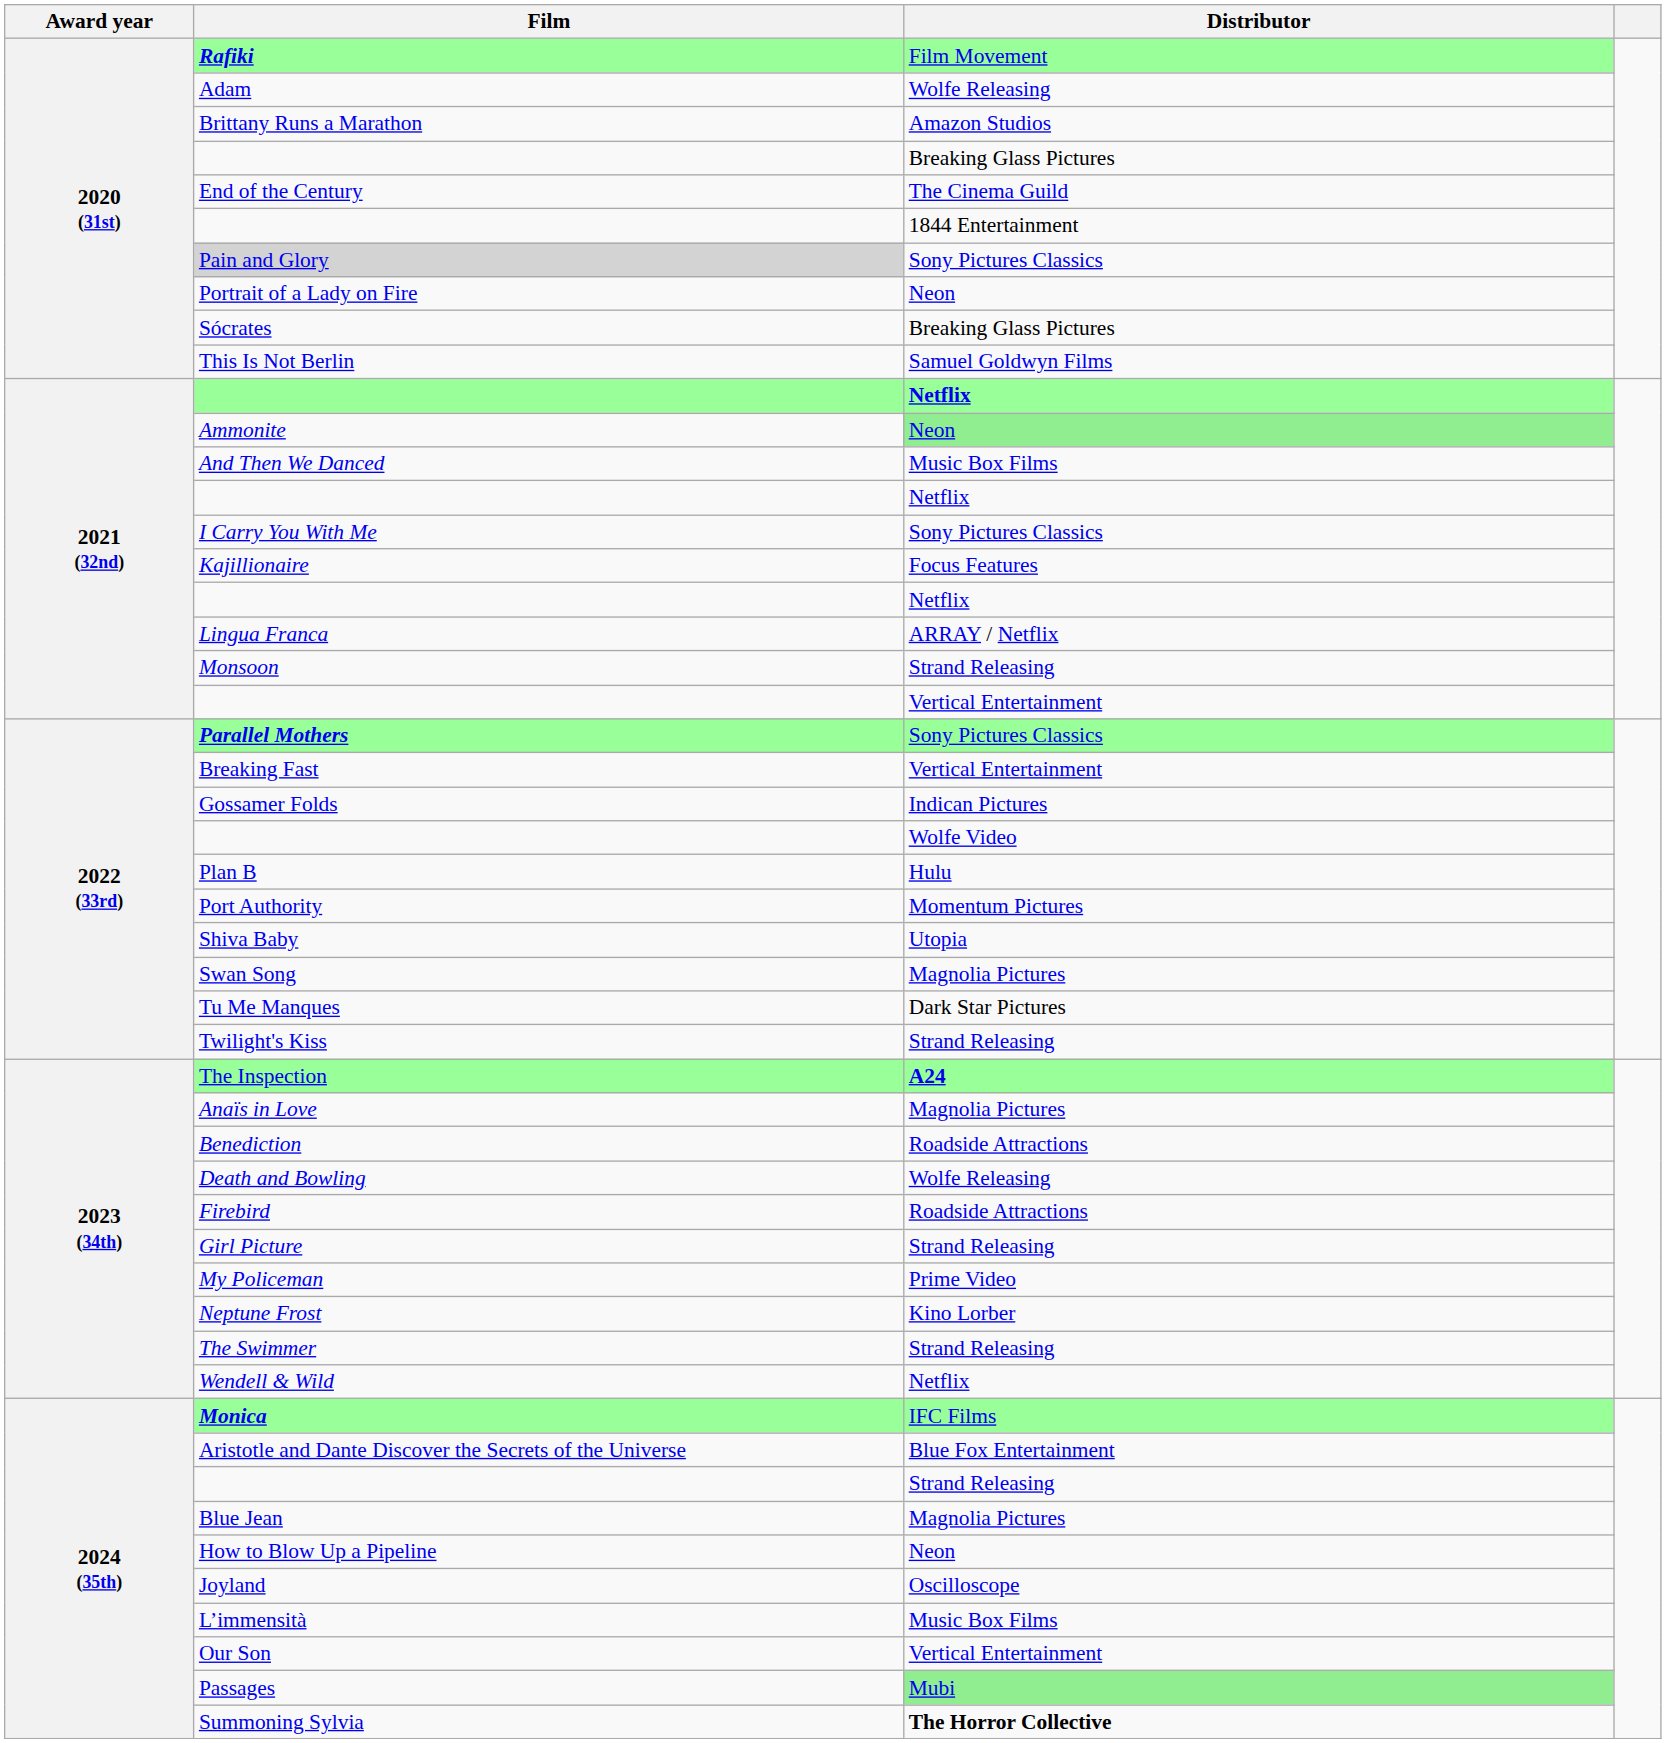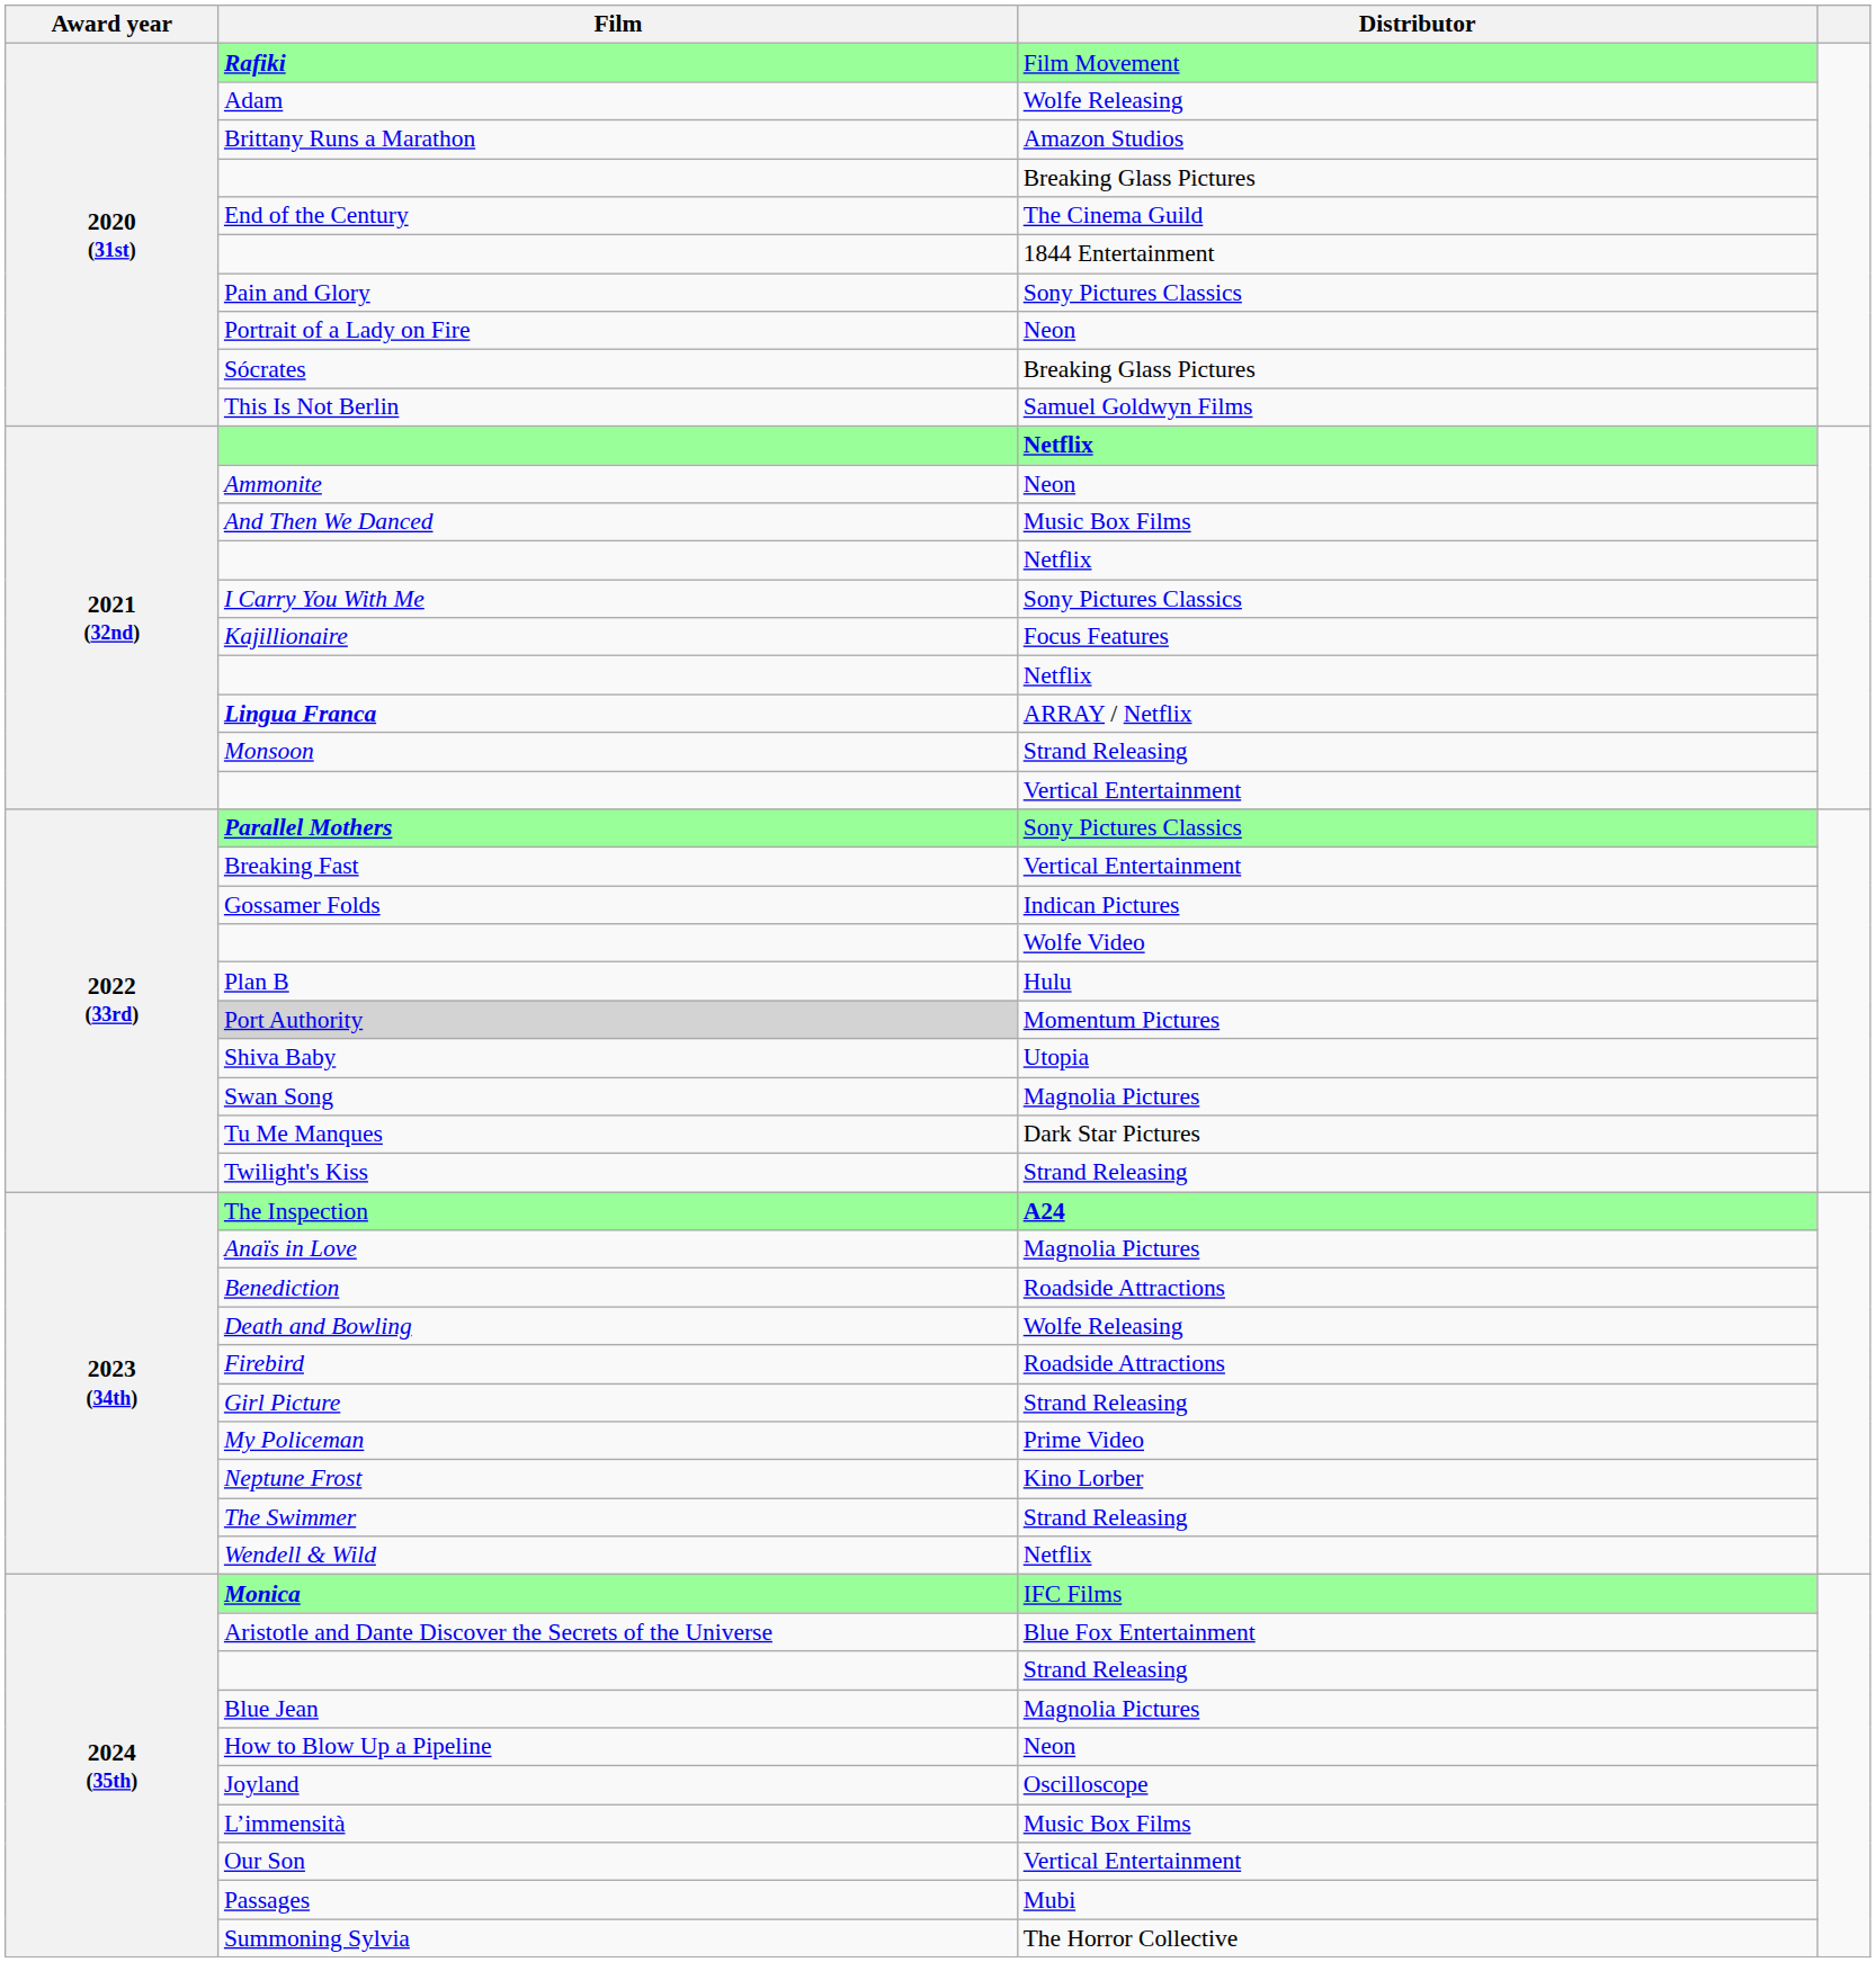 <table class="wikitable sortable">
 <tr>
 <th scope="col" style="width:8%">Award year</th>
 <th scope="col" style="width:30%">Film</th>
 <th scope="col" style="width:30%">Distributor</th>
 <th scope="col" style="width:2%" class="unsortable"></th>
 </tr>
 <tr>
 <th rowspan="10" scope="rowgroup" style="text-align:center">2020<br><small>(<a href='#'>31st</a>)</small></th>
 <td style="background:#99ff99;"><strong><em><a href='#'>Rafiki</a><em> <strong></td>
 <td style="background:#99ff99;"></strong><a href='#'>Film Movement</a><strong></td>
 <td rowspan="10" align="center"><br></td>
 </tr>
 <tr>
 <td></em><a href='#'>Adam</a><em></td>
 <td><a href='#'>Wolfe Releasing</a></td>
 </tr>
 <tr>
 <td></em><a href='#'>Brittany Runs a Marathon</a><em></td>
 <td><a href='#'>Amazon Studios</a></td>
 </tr>
 <tr>
 <td></em><em></td>
 <td>Breaking Glass Pictures</td>
 </tr>
 <tr>
 <td></em><a href='#'>End of the Century</a><em></td>
 <td><a href='#'>The Cinema Guild</a></td>
 </tr>
 <tr>
 <td></em><em></td>
 <td>1844 Entertainment</td>
 </tr>
 <tr>
-<td style="background: lightgrey;"></em><a href='#'>Pain and Glory</a><em></td>
+<td></em><a href='#'>Pain and Glory</a><em></td>
 <td><a href='#'>Sony Pictures Classics</a></td>
 </tr>
 <tr>
 <td></em><a href='#'>Portrait of a Lady on Fire</a><em></td>
 <td><a href='#'>Neon</a></td>
 </tr>
 <tr>
 <td></em><a href='#'>Sócrates</a><em></td>
 <td>Breaking Glass Pictures</td>
 </tr>
 <tr>
 <td></em><a href='#'>This Is Not Berlin</a><em></td>
 <td><a href='#'>Samuel Goldwyn Films</a></td>
 </tr>
 <tr>
 <th rowspan="10" scope="rowgroup" style="text-align:center">2021<br><small>(<a href='#'>32nd</a>)</small></th>
 <td style="background:#99ff99;"></em></strong></em> </strong></td>
 <td style="background:#99ff99;"><strong><a href='#'>Netflix</a></strong></td>
 <td rowspan="10" align="center"><br></td>
 </tr>
 <tr>
 <td><em><a href='#'>Ammonite</a></em></td>
-<td style="background: lightgreen;"><a href='#'>Neon</a></td>
+<td><a href='#'>Neon</a></td>
 </tr>
 <tr>
 <td><em><a href='#'>And Then We Danced</a></em></td>
 <td><a href='#'>Music Box Films</a></td>
 </tr>
 <tr>
 <td><em></em></td>
 <td><a href='#'>Netflix</a></td>
 </tr>
 <tr>
 <td><em><a href='#'>I Carry You With Me</a></em></td>
 <td><a href='#'>Sony Pictures Classics</a></td>
 </tr>
 <tr>
 <td><em><a href='#'>Kajillionaire</a></em></td>
 <td><a href='#'>Focus Features</a></td>
 </tr>
 <tr>
 <td><em></em></td>
 <td><a href='#'>Netflix</a></td>
 </tr>
 <tr>
-<td><em><a href='#'>Lingua Franca</a></em></td>
+<td><strong><em><a href='#'>Lingua Franca</a></em></strong></td>
 <td><a href='#'>ARRAY</a> / <a href='#'>Netflix</a></td>
 </tr>
 <tr>
 <td><em><a href='#'>Monsoon</a></em></td>
 <td><a href='#'>Strand Releasing</a></td>
 </tr>
 <tr>
 <td><em></em></td>
 <td><a href='#'>Vertical Entertainment</a></td>
 </tr>
 <tr>
 <th rowspan="10" scope="rowgroup" style="text-align:center">2022<br><small>(<a href='#'>33rd</a>)</small></th>
 <td style="background:#99ff99;"><strong><em><a href='#'>Parallel Mothers</a><em> <strong></td>
 <td style="background:#99ff99;"></strong><a href='#'>Sony Pictures Classics</a><strong></td>
 <td rowspan="10" align="center"><br></td>
 </tr>
 <tr>
 <td></em><a href='#'>Breaking Fast</a><em></td>
 <td><a href='#'>Vertical Entertainment</a></td>
 </tr>
 <tr>
 <td></em><a href='#'>Gossamer Folds</a><em></td>
 <td><a href='#'>Indican Pictures</a></td>
 </tr>
 <tr>
 <td></em><em></td>
 <td><a href='#'>Wolfe Video</a></td>
 </tr>
 <tr>
 <td></em><a href='#'>Plan B</a><em></td>
 <td><a href='#'>Hulu</a></td>
 </tr>
 <tr>
-<td></em><a href='#'>Port Authority</a><em></td>
+<td style="background: lightgrey;"></em><a href='#'>Port Authority</a><em></td>
 <td><a href='#'>Momentum Pictures</a></td>
 </tr>
 <tr>
 <td></em><a href='#'>Shiva Baby</a><em></td>
 <td><a href='#'>Utopia</a></td>
 </tr>
 <tr>
 <td></em><a href='#'>Swan Song</a><em></td>
 <td><a href='#'>Magnolia Pictures</a></td>
 </tr>
 <tr>
 <td></em><a href='#'>Tu Me Manques</a><em></td>
 <td>Dark Star Pictures</td>
 </tr>
 <tr>
 <td></em><a href='#'>Twilight's Kiss</a><em></td>
 <td><a href='#'>Strand Releasing</a></td>
 </tr>
 <tr>
 <th rowspan="10" scope="rowgroup" style="text-align:center">2023<br><small>(<a href='#'>34th</a>)</small></th>
 <td style="background:#99ff99;"></em></strong><a href='#'>The Inspection</a></em> </strong></td>
 <td style="background:#99ff99;"><strong><a href='#'>A24</a></strong></td>
 <td rowspan="10" align="center"><br></td>
 </tr>
 <tr>
 <td><em><a href='#'>Anaïs in Love</a></em></td>
 <td><a href='#'>Magnolia Pictures</a></td>
 </tr>
 <tr>
 <td><em><a href='#'>Benediction</a></em></td>
 <td><a href='#'>Roadside Attractions</a></td>
 </tr>
 <tr>
 <td><em><a href='#'>Death and Bowling</a></em></td>
 <td><a href='#'>Wolfe Releasing</a></td>
 </tr>
 <tr>
 <td><em><a href='#'>Firebird</a></em></td>
 <td><a href='#'>Roadside Attractions</a></td>
 </tr>
 <tr>
 <td><em><a href='#'>Girl Picture</a></em></td>
 <td><a href='#'>Strand Releasing</a></td>
 </tr>
 <tr>
 <td><em><a href='#'>My Policeman</a></em></td>
 <td><a href='#'>Prime Video</a></td>
 </tr>
 <tr>
 <td><em><a href='#'>Neptune Frost</a></em></td>
 <td><a href='#'>Kino Lorber</a></td>
 </tr>
 <tr>
 <td><em><a href='#'>The Swimmer</a></em></td>
 <td><a href='#'>Strand Releasing</a></td>
 </tr>
 <tr>
 <td><em><a href='#'>Wendell & Wild</a></em></td>
 <td><a href='#'>Netflix</a></td>
 </tr>
 <tr>
 <th rowspan="10" scope="rowgroup" style="text-align:center">2024<br><small>(<a href='#'>35th</a>)</small></th>
 <td style="background:#99ff99;"><strong><em><a href='#'>Monica</a><em> <strong></td>
 <td style="background:#99ff99;"></strong><a href='#'>IFC Films</a><strong></td>
 <td rowspan=10 align="center"><br></td>
 </tr>
 <tr>
 <td></em><a href='#'>Aristotle and Dante Discover the Secrets of the Universe</a><em></td>
 <td><a href='#'>Blue Fox Entertainment</a></td>
 </tr>
 <tr>
 <td></td>
 <td><a href='#'>Strand Releasing</a></td>
 </tr>
 <tr>
 <td></em><a href='#'>Blue Jean</a><em></td>
 <td><a href='#'>Magnolia Pictures</a></td>
 </tr>
 <tr>
 <td></em><a href='#'>How to Blow Up a Pipeline</a><em></td>
 <td><a href='#'>Neon</a></td>
 </tr>
 <tr>
 <td></em><a href='#'>Joyland</a><em></td>
 <td><a href='#'>Oscilloscope</a></td>
 </tr>
 <tr>
 <td></em><a href='#'>L’immensità</a><em></td>
 <td><a href='#'>Music Box Films</a></td>
 </tr>
 <tr>
 <td></em><a href='#'>Our Son</a><em></td>
 <td><a href='#'>Vertical Entertainment</a></td>
 </tr>
 <tr>
 <td></em><a href='#'>Passages</a><em></td>
-<td style="background: lightgreen;"><a href='#'>Mubi</a></td>
+<td><a href='#'>Mubi</a></td>
 </tr>
 <tr>
 <td></em><a href='#'>Summoning Sylvia</a><em></td>
-<td><strong>The Horror Collective</strong></td>
+<td>The Horror Collective</td>
 </tr>
 </table>
